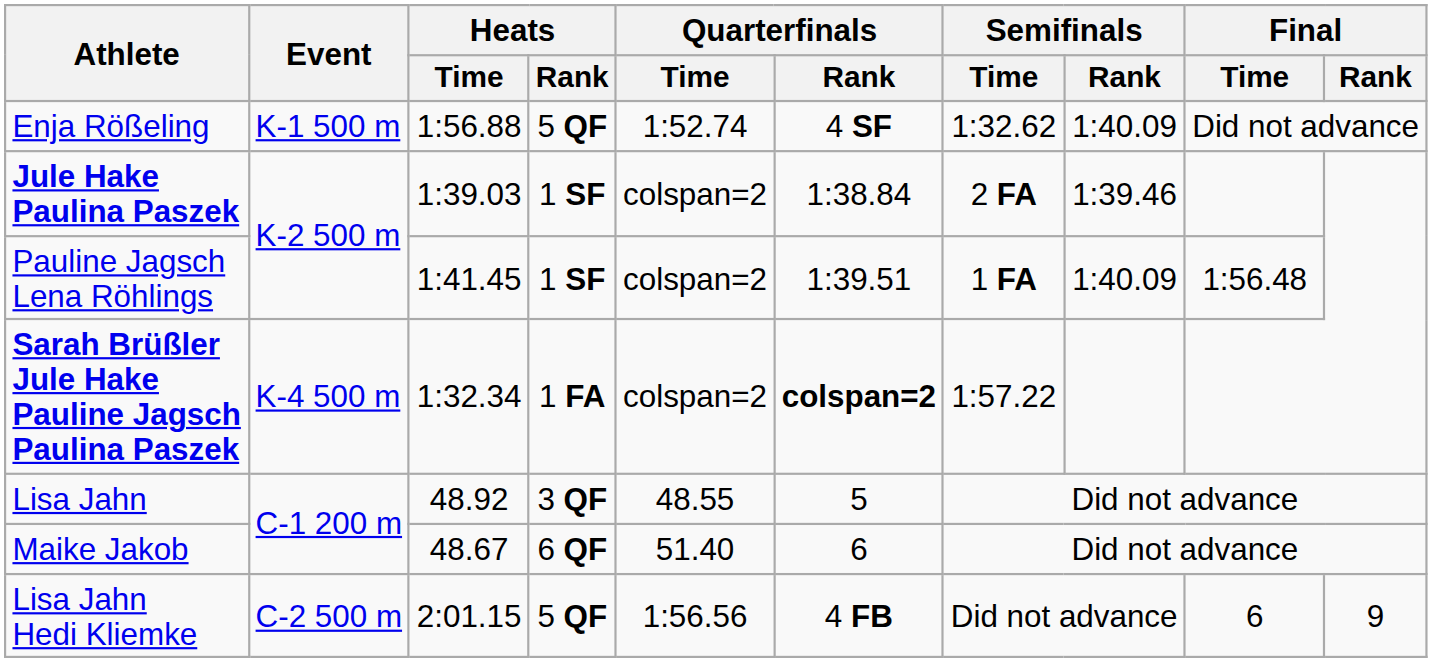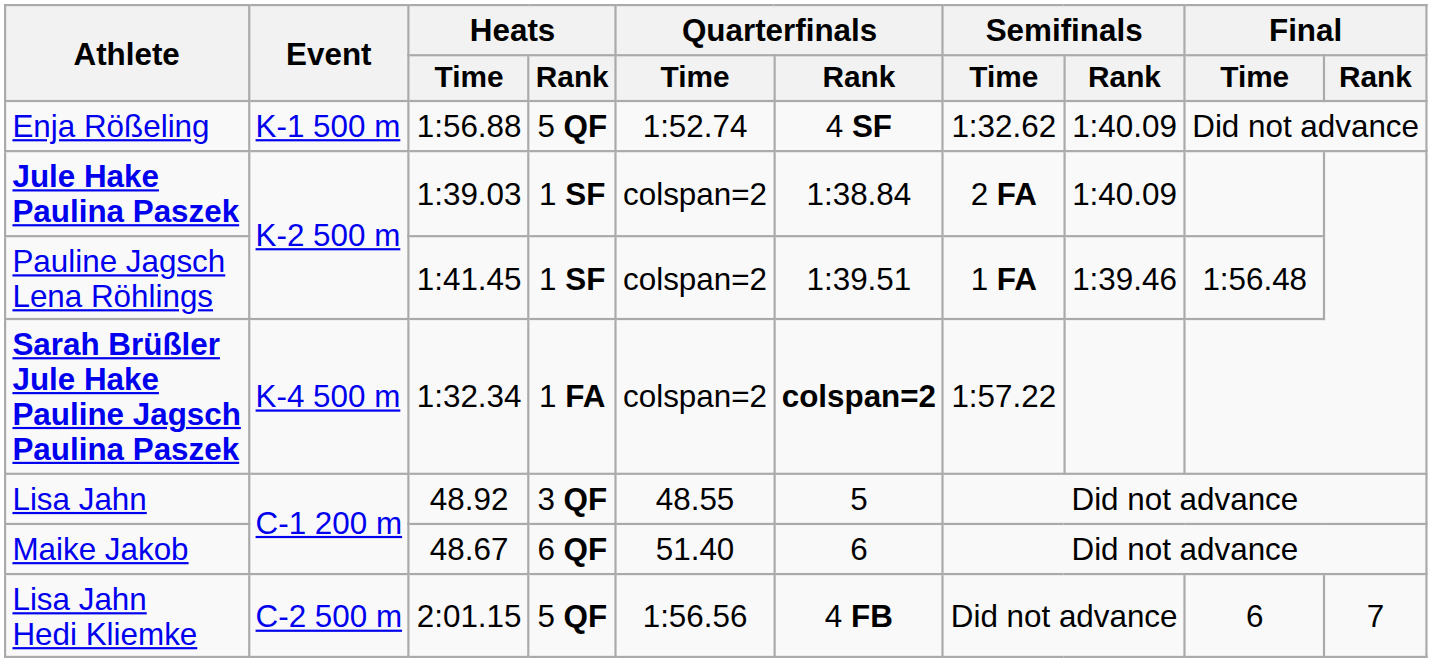 <table class=wikitable style="font-size:90%">
 <tr>
 <th rowspan="2">Athlete</th>
 <th rowspan="2">Event</th>
 <th colspan=2>Heats</th>
 <th colspan=2>Quarterfinals</th>
 <th colspan=2>Semifinals</th>
 <th colspan=2>Final</th>
 </tr>
 <tr style="font-size:95%">
 <th>Time</th>
 <th>Rank</th>
 <th>Time</th>
 <th>Rank</th>
 <th>Time</th>
 <th>Rank</th>
 <th>Time</th>
 <th>Rank</th>
 </tr>
 <tr align=center>
 <td align=left><a href='#'>Enja Rößeling</a></td>
 <td align=left><a href='#'>K-1 500 m</a></td>
 <td>1:56.88</td>
 <td>5 <strong>QF</strong></td>
 <td>1:52.74</td>
 <td>4 <strong>SF</strong></td>
 <td>1:32.62</td>
 <td>1:40.09</td>
 <td colspan=2>Did not advance</td>
 </tr>
 <tr align=center>
 <td align=left><strong><a href='#'>Jule Hake</a><br><a href='#'>Paulina Paszek</a></strong></td>
 <td align=left rowspan=2><a href='#'>K-2 500 m</a></td>
 <td>1:39.03</td>
 <td>1 <strong>SF</strong></td>
 <td>colspan=2</td>
 <td>1:38.84</td>
 <td>2 <strong>FA</strong></td>
-<td>1:39.46</td>
+<td>1:40.09</td>
 <td></td>
 </tr>
 <tr align=center>
 <td align=left><a href='#'>Pauline Jagsch</a><br><a href='#'>Lena Röhlings</a></td>
 <td>1:41.45</td>
 <td>1 <strong>SF</strong></td>
 <td>colspan=2</td>
 <td>1:39.51</td>
 <td>1 <strong>FA</strong></td>
-<td>1:40.09</td>
+<td>1:39.46</td>
 <td>1:56.48</td>
 </tr>
 <tr align=center>
 <td align=left><strong><a href='#'>Sarah Brüßler</a><br><a href='#'>Jule Hake</a><br><a href='#'>Pauline Jagsch</a><br><a href='#'>Paulina Paszek</a></strong></td>
 <td align=left><a href='#'>K-4 500 m</a></td>
 <td>1:32.34</td>
 <td>1 <strong>FA</strong></td>
 <td>colspan=2</td>
 <td><strong>colspan=2</strong></td>
 <td>1:57.22</td>
 <td></td>
 </tr>
 <tr align=center>
 <td align=left><a href='#'>Lisa Jahn</a></td>
 <td align=left rowspan=2><a href='#'>C-1 200 m</a></td>
 <td>48.92</td>
 <td>3 <strong>QF</strong></td>
 <td>48.55</td>
 <td>5</td>
 <td colspan=4>Did not advance</td>
 </tr>
 <tr align=center>
 <td align=left><a href='#'>Maike Jakob</a></td>
 <td>48.67</td>
 <td>6 <strong>QF</strong></td>
 <td>51.40</td>
 <td>6</td>
 <td colspan=4>Did not advance</td>
 </tr>
 <tr align=center>
 <td align=left><a href='#'>Lisa Jahn</a><br><a href='#'>Hedi Kliemke</a></td>
 <td align=left><a href='#'>C-2 500 m</a></td>
 <td>2:01.15</td>
 <td>5 <strong>QF</strong></td>
 <td>1:56.56</td>
 <td>4 <strong>FB</strong></td>
 <td colspan=2>Did not advance</td>
 <td>6</td>
-<td>9</td>
+<td>7</td>
 </tr>
 </table>
